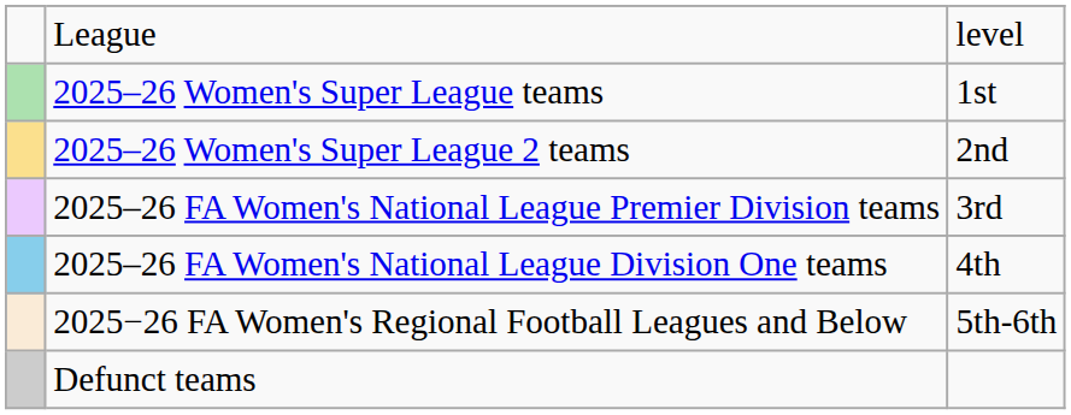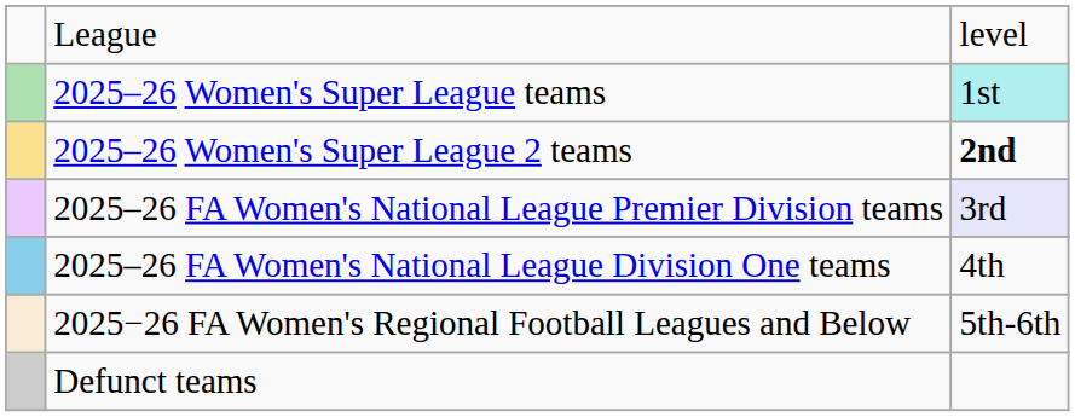 <table class="wikitable" style="font-size:95%">
 <tr>
 <td></td>
 <td>League</td>
 <td>level</td>
 </tr>
 <tr>
 <td style="width:10px;background:#ace1af"></td>
 <td><a href='#'>2025–26</a> <a href='#'>Women's Super League</a> teams</td>
-<td>1st</td>
+<td style="background: paleturquoise;">1st</td>
 </tr>
 <tr>
 <td style="width:10px;background:#fbe08d"></td>
 <td><a href='#'>2025–26</a> <a href='#'>Women's Super League 2</a> teams</td>
-<td>2nd</td>
+<td><strong>2nd</strong></td>
 </tr>
 <tr>
 <td style="width:10px;background:#ebc9fe"></td>
 <td>2025–26 <a href='#'>FA Women's National League Premier Division</a> teams</td>
-<td>3rd</td>
+<td style="background: lavender;">3rd</td>
 </tr>
 <tr>
 <td style="width:10px;background:#87ceeb"></td>
 <td>2025–26 <a href='#'>FA Women's National League Division One</a> teams</td>
 <td>4th</td>
 </tr>
 <tr>
 <td style="width:10px;background:#faebd7"></td>
 <td>2025−26 FA Women's Regional Football Leagues and Below</td>
 <td>5th-6th</td>
 </tr>
 <tr>
 <td style="width:10px;background:#cccccc"></td>
 <td>Defunct teams</td>
 <td></td>
 </tr>
 </table>
